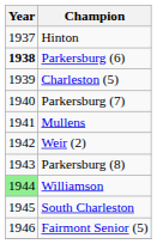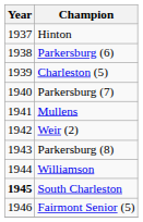 <table class="wikitable">
 <tr>
 <th>Year</th>
 <th>Champion</th>
 </tr>
 <tr>
 <td>1937</td>
 <td>Hinton</td>
 </tr>
 <tr>
-<td><strong>1938</strong></td>
+<td>1938</td>
 <td><a href='#'>Parkersburg</a> (6)</td>
 </tr>
 <tr>
 <td>1939</td>
 <td><a href='#'>Charleston</a> (5)</td>
 </tr>
 <tr>
 <td>1940</td>
 <td>Parkersburg (7)</td>
 </tr>
 <tr>
 <td>1941</td>
 <td><a href='#'>Mullens</a></td>
 </tr>
 <tr>
 <td>1942</td>
 <td><a href='#'>Weir</a> (2)</td>
 </tr>
 <tr>
 <td>1943</td>
 <td>Parkersburg (8)</td>
 </tr>
 <tr>
-<td style="background: lightgreen;">1944</td>
+<td>1944</td>
 <td><a href='#'>Williamson</a></td>
 </tr>
 <tr>
-<td>1945</td>
+<td><strong>1945</strong></td>
 <td><a href='#'>South Charleston</a></td>
 </tr>
 <tr>
 <td>1946</td>
 <td><a href='#'>Fairmont Senior</a> (5)</td>
 </tr>
 <tr>
 </tr>
 </table>
